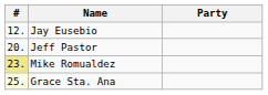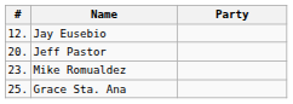 <table class=wikitable style="font-size:90%">
 <tr>
 <th>#</th>
 <th width=150px>Name</th>
 <th colspan=2 width=110px>Party</th>
 </tr>
 <tr>
 <td>12.</td>
 <td>Jay Eusebio</td>
 <td></td>
 </tr>
 <tr>
 <td>20.</td>
 <td>Jeff Pastor</td>
 <td></td>
 </tr>
 <tr>
-<td style="background: khaki;">23.</td>
+<td>23.</td>
 <td>Mike Romualdez</td>
 <td></td>
 </tr>
 <tr>
-<td style="background: lightyellow;">25.</td>
+<td>25.</td>
 <td>Grace Sta. Ana</td>
 <td></td>
 </tr>
 </table>
